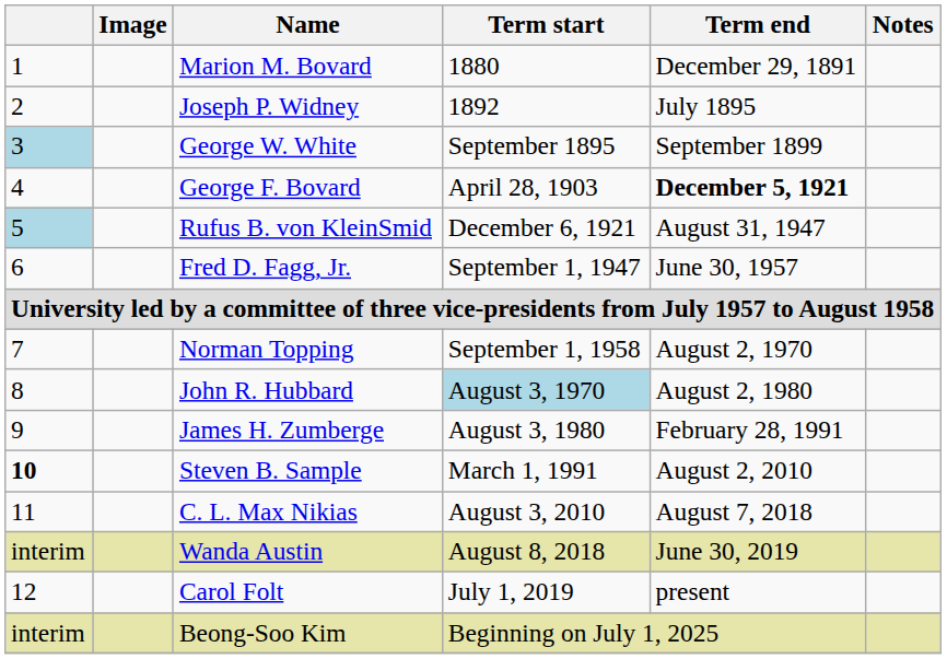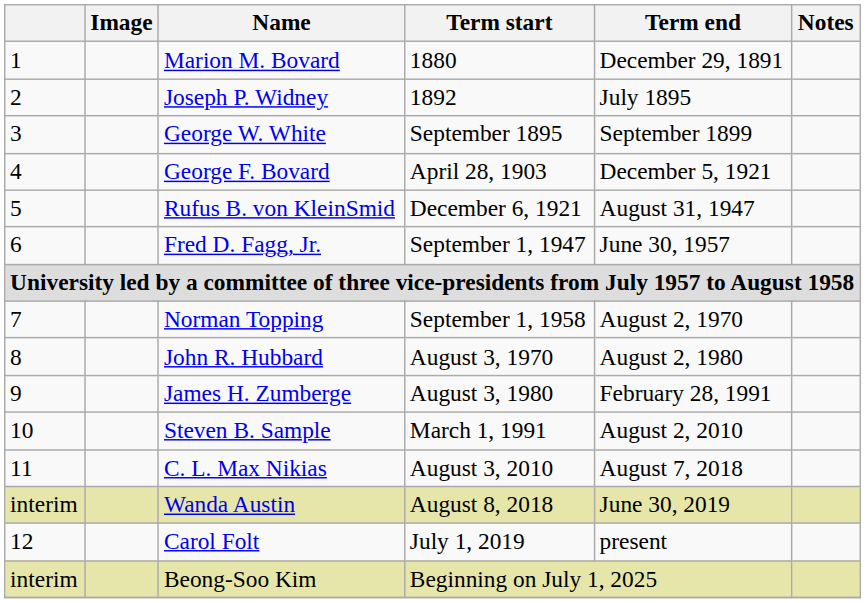 <table class="wikitable sortable">
 <tr>
 <th></th>
 <th>Image</th>
 <th>Name</th>
 <th>Term start</th>
 <th>Term end</th>
 <th>Notes</th>
 </tr>
 <tr>
 <td>1</td>
 <td></td>
 <td><a href='#'>Marion M. Bovard</a></td>
 <td>1880</td>
 <td>December 29, 1891</td>
 <td></td>
 </tr>
 <tr>
 <td>2</td>
 <td></td>
 <td><a href='#'>Joseph P. Widney</a></td>
 <td>1892</td>
 <td>July 1895</td>
 <td></td>
 </tr>
 <tr>
-<td style="background: lightblue;">3</td>
+<td>3</td>
 <td></td>
 <td><a href='#'>George W. White</a></td>
 <td>September 1895</td>
 <td>September 1899</td>
 <td></td>
 </tr>
 <tr>
 <td>4</td>
 <td></td>
 <td><a href='#'>George F. Bovard</a></td>
 <td>April 28, 1903</td>
-<td><strong>December 5, 1921</strong></td>
+<td>December 5, 1921</td>
 <td></td>
 </tr>
 <tr>
-<td style="background: lightblue;">5</td>
+<td>5</td>
 <td></td>
 <td><a href='#'>Rufus B. von KleinSmid</a></td>
 <td>December 6, 1921</td>
 <td>August 31, 1947</td>
 <td></td>
 </tr>
 <tr>
 <td>6</td>
 <td></td>
 <td><a href='#'>Fred D. Fagg, Jr.</a></td>
 <td>September 1, 1947</td>
 <td>June 30, 1957</td>
 <td></td>
 </tr>
 <tr>
 <td colspan="6" align="center" bgcolor="#dddddd" style="Font-weight: bold;">University led by a committee of three vice-presidents from July 1957 to August 1958</td>
 </tr>
 <tr>
 <td>7</td>
 <td></td>
 <td><a href='#'>Norman Topping</a></td>
 <td>September 1, 1958</td>
 <td>August 2, 1970</td>
 <td></td>
 </tr>
 <tr>
 <td>8</td>
 <td></td>
 <td><a href='#'>John R. Hubbard</a></td>
-<td style="background: lightblue;">August 3, 1970</td>
+<td>August 3, 1970</td>
 <td>August 2, 1980</td>
 <td></td>
 </tr>
 <tr>
 <td>9</td>
 <td></td>
 <td><a href='#'>James H. Zumberge</a></td>
 <td>August 3, 1980</td>
 <td>February 28, 1991</td>
 <td></td>
 </tr>
 <tr>
-<td><strong>10</strong></td>
+<td>10</td>
 <td></td>
 <td><a href='#'>Steven B. Sample</a></td>
 <td>March 1, 1991</td>
 <td>August 2, 2010</td>
 <td></td>
 </tr>
 <tr>
 <td>11</td>
 <td></td>
 <td><a href='#'>C. L. Max Nikias</a></td>
 <td>August 3, 2010</td>
 <td>August 7, 2018</td>
 <td></td>
 </tr>
 <tr bgcolor="#e6e6aa">
 <td>interim</td>
 <td></td>
 <td><a href='#'>Wanda Austin</a></td>
 <td>August 8, 2018</td>
 <td>June 30, 2019</td>
 <td></td>
 </tr>
 <tr>
 <td>12</td>
 <td></td>
 <td><a href='#'>Carol Folt</a></td>
 <td>July 1, 2019</td>
 <td>present </td>
 <td></td>
 </tr>
 <tr bgcolor="#e6e6aa">
 <td>interim</td>
 <td></td>
 <td>Beong-Soo Kim</td>
 <td colspan="2">Beginning on July 1, 2025</td>
 <td></td>
 </tr>
 <tr>
 </tr>
 </table>
